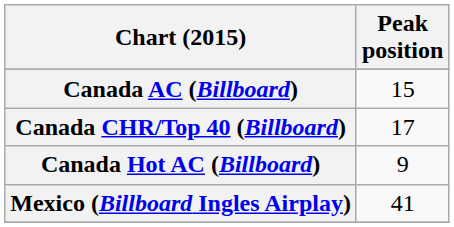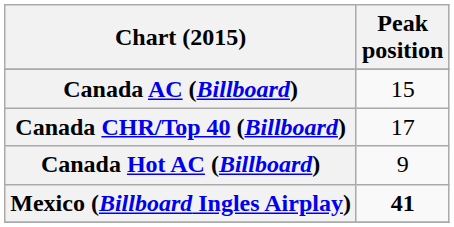 <table class="wikitable sortable plainrowheaders" style="text-align:center">
 <tr>
 <th>Chart (2015)</th>
 <th>Peak <br> position</th>
 </tr>
 <tr>
 </tr>
 <tr>
 <th scope="row">Canada <a href='#'>AC</a> (<a href='#'><em>Billboard</em></a>)</th>
 <td>15</td>
 </tr>
 <tr>
 <th scope="row">Canada <a href='#'>CHR/Top 40</a> (<a href='#'><em>Billboard</em></a>)</th>
 <td>17</td>
 </tr>
 <tr>
 <th scope="row">Canada <a href='#'>Hot AC</a> (<a href='#'><em>Billboard</em></a>)</th>
 <td>9</td>
 </tr>
 <tr>
 <th scope="row">Mexico (<a href='#'><em>Billboard</em> Ingles Airplay</a>)</th>
-<td align="center">41</td>
+<td align="center"><strong>41</strong></td>
 </tr>
 <tr>
 </tr>
 </table>
